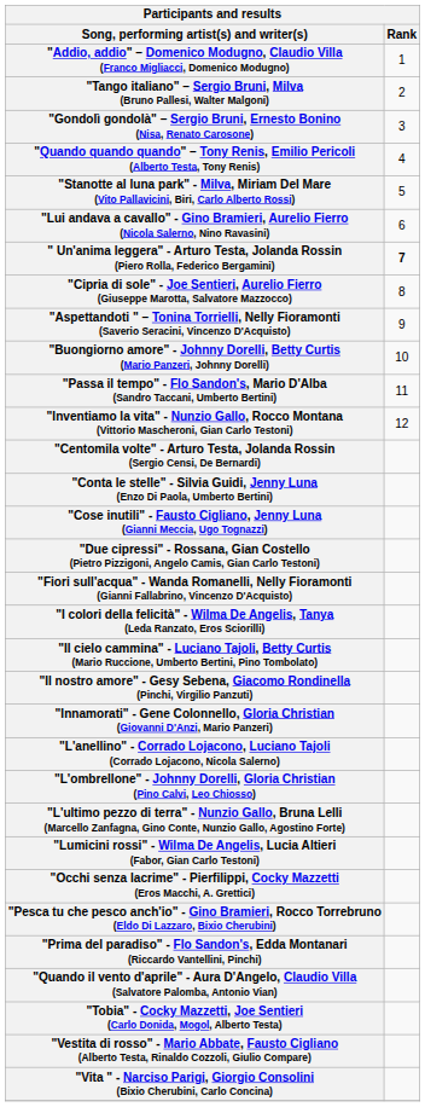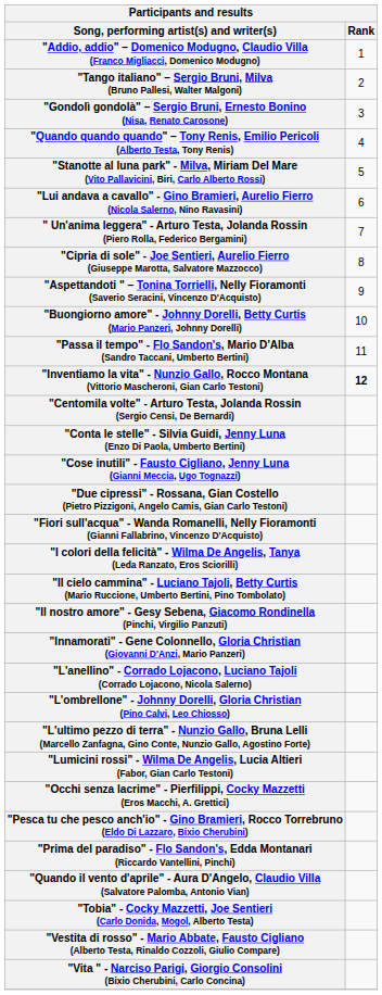 <table class="plainrowheaders wikitable">
 <tr>
 <th colspan="3">Participants and results</th>
 </tr>
 <tr>
 <th>Song, performing artist(s) and writer(s)</th>
 <th>Rank</th>
 </tr>
 <tr>
 <th scope="row">"<a href='#'>Addio, addio</a>" – <a href='#'>Domenico Modugno</a>, <a href='#'>Claudio Villa</a>  <br><small> (<a href='#'>Franco Migliacci</a>, Domenico Modugno) </small></th>
 <td style="text-align:center;">1</td>
 </tr>
 <tr>
 <th scope="row">"Tango italiano" – <a href='#'>Sergio Bruni</a>, <a href='#'>Milva</a>  <br><small>  (Bruno Pallesi, Walter Malgoni)   </small></th>
 <td style="text-align:center;">2</td>
 </tr>
 <tr>
 <th scope="row">"Gondolì gondolà" – <a href='#'>Sergio Bruni</a>, <a href='#'>Ernesto Bonino</a>   <br><small> 	 (<a href='#'>Nisa</a>, <a href='#'>Renato Carosone</a>)</small></th>
 <td style="text-align:center;">3</td>
 </tr>
 <tr>
 <th scope="row">"<a href='#'>Quando quando quando</a>"  –  	<a href='#'>Tony Renis</a>, <a href='#'>Emilio Pericoli</a>  <br><small>   (<a href='#'>Alberto Testa</a>, Tony Renis)</small></th>
 <td style="text-align:center;">4</td>
 </tr>
 <tr>
 <th scope="row">"Stanotte al luna park" - <a href='#'>Milva</a>, Miriam Del Mare  <br><small>    (<a href='#'>Vito Pallavicini</a>, Biri, <a href='#'>Carlo Alberto Rossi</a>)</small></th>
 <td style="text-align:center;">5</td>
 </tr>
 <tr>
 <th scope="row">"Lui andava a cavallo" -  	<a href='#'>Gino Bramieri</a>, <a href='#'>Aurelio Fierro</a>  <br><small>    (<a href='#'>Nicola Salerno</a>, Nino Ravasini)</small></th>
 <td style="text-align:center;">6</td>
 </tr>
 <tr>
 <th scope="row">" Un'anima leggera" - Arturo Testa, Jolanda Rossin  <br><small>  (Piero Rolla, Federico Bergamini)</small></th>
-<td style="text-align:center;"><strong>7</strong></td>
+<td style="text-align:center;">7</td>
 </tr>
 <tr>
 <th scope="row">"Cipria di sole" -  <a href='#'>Joe Sentieri</a>, <a href='#'>Aurelio Fierro</a>  <br><small> 	 (Giuseppe Marotta, Salvatore Mazzocco)</small></th>
 <td style="text-align:center;">8</td>
 </tr>
 <tr>
 <th scope="row">"Aspettandoti " – 	<a href='#'>Tonina Torrielli</a>, Nelly Fioramonti  <br><small>  (Saverio Seracini, Vincenzo D'Acquisto)</small></th>
 <td style="text-align:center;">9</td>
 </tr>
 <tr>
 <th scope="row">"Buongiorno amore" -  	<a href='#'>Johnny Dorelli</a>, <a href='#'>Betty Curtis</a>   <br><small>   (<a href='#'>Mario Panzeri</a>, Johnny Dorelli)</small></th>
 <td style="text-align:center;">10</td>
 </tr>
 <tr>
 <th scope="row">"Passa il tempo" - <a href='#'>Flo Sandon's</a>, Mario D'Alba  <br><small>  (Sandro Taccani, Umberto Bertini)</small></th>
 <td style="text-align:center;">11</td>
 </tr>
 <tr>
 <th scope="row">"Inventiamo la vita" -   <a href='#'>Nunzio Gallo</a>, Rocco Montana <br><small> 	  (Vittorio Mascheroni, Gian Carlo Testoni)</small></th>
-<td style="text-align:center;">12</td>
+<td style="text-align:center;"><strong>12</strong></td>
 </tr>
 <tr>
 <th scope="row">"Centomila volte" -  Arturo Testa, Jolanda Rossin<br><small> 	 (Sergio Censi, De Bernardi)</small></th>
 <td></td>
 </tr>
 <tr>
 <th scope="row">"Conta le stelle" -  Silvia Guidi, <a href='#'>Jenny Luna</a> <br><small> 	 (Enzo Di Paola, Umberto Bertini)</small></th>
 <td></td>
 </tr>
 <tr>
 <th scope="row">"Cose inutili" - <a href='#'>Fausto Cigliano</a>, <a href='#'>Jenny Luna</a> <br><small>   (<a href='#'>Gianni Meccia</a>, <a href='#'>Ugo Tognazzi</a>)</small></th>
 <td></td>
 </tr>
 <tr>
 <th scope="row">"Due cipressi" - Rossana, Gian Costello <br><small>  (Pietro Pizzigoni, Angelo Camis, Gian Carlo Testoni)</small></th>
 <td></td>
 </tr>
 <tr>
 <th scope="row">"Fiori sull'acqua" - Wanda Romanelli, Nelly Fioramonti   <br><small>  (Gianni Fallabrino, Vincenzo D'Acquisto) </small></th>
 <td></td>
 </tr>
 <tr>
 <th scope="row">"I colori della felicità" -    <a href='#'>Wilma De Angelis</a>,  <a href='#'>Tanya</a> <br><small>  (Leda Ranzato, Eros Sciorilli)</small></th>
 <td></td>
 </tr>
 <tr>
 <th scope="row">"Il cielo cammina" - <a href='#'>Luciano Tajoli</a>, <a href='#'>Betty Curtis</a> <br><small> 	 (Mario Ruccione, Umberto Bertini, Pino Tombolato)    </small></th>
 <td></td>
 </tr>
 <tr>
 <th scope="row">"Il nostro amore" -   Gesy Sebena, <a href='#'>Giacomo Rondinella</a>  <br><small>   (Pinchi, Virgilio Panzuti)</small></th>
 <td></td>
 </tr>
 <tr>
 <th scope="row">"Innamorati" -   Gene Colonnello, <a href='#'>Gloria Christian</a>  <br><small>   (<a href='#'>Giovanni D'Anzi</a>, Mario Panzeri)</small></th>
 <td></td>
 </tr>
 <tr>
 <th scope="row">"L'anellino" -    <a href='#'>Corrado Lojacono</a>, <a href='#'>Luciano Tajoli</a>  <br><small>  (Corrado Lojacono, Nicola Salerno)</small></th>
 <td></td>
 </tr>
 <tr>
 <th scope="row">"L'ombrellone" -   <a href='#'>Johnny Dorelli</a>, <a href='#'>Gloria Christian</a> <br><small>   (<a href='#'>Pino Calvi</a>, <a href='#'>Leo Chiosso</a>)</small></th>
 <td></td>
 </tr>
 <tr>
 <th scope="row">"L'ultimo pezzo di terra" -  <a href='#'>Nunzio Gallo</a>, Bruna Lelli  <br><small>  (Marcello Zanfagna, Gino Conte, Nunzio Gallo, Agostino Forte)</small></th>
 <td></td>
 </tr>
 <tr>
 <th scope="row">"Lumicini rossi" -   <a href='#'>Wilma De Angelis</a>, Lucia Altieri  <br><small> (Fabor, Gian Carlo Testoni)</small></th>
 <td></td>
 </tr>
 <tr>
 <th scope="row">"Occhi senza lacrime" -   Pierfilippi, <a href='#'>Cocky Mazzetti</a> <br><small>  (Eros Macchi, A. Grettici)</small></th>
 <td></td>
 </tr>
 <tr>
 <th scope="row">"Pesca tu che pesco anch'io" - <a href='#'>Gino Bramieri</a>, Rocco Torrebruno<br><small>  (<a href='#'>Eldo Di Lazzaro</a>, <a href='#'>Bixio Cherubini</a>)</small></th>
 <td></td>
 </tr>
 <tr>
 <th scope="row">"Prima del paradiso" -   <a href='#'>Flo Sandon's</a>, Edda Montanari <br><small>  (Riccardo Vantellini, Pinchi)</small></th>
 <td></td>
 </tr>
 <tr>
 <th scope="row">"Quando il vento d'aprile" - Aura D'Angelo, <a href='#'>Claudio Villa</a> <br><small>  (Salvatore Palomba, Antonio Vian)</small></th>
 <td></td>
 </tr>
 <tr>
 <th scope="row">"Tobia" - <a href='#'>Cocky Mazzetti</a>, <a href='#'>Joe Sentieri</a> <br><small>  (<a href='#'>Carlo Donida</a>, <a href='#'>Mogol</a>, Alberto Testa)</small></th>
 <td></td>
 </tr>
 <tr>
 <th scope="row">"Vestita di rosso" -  <a href='#'>Mario Abbate</a>, <a href='#'>Fausto Cigliano</a> <br><small>   (Alberto Testa, Rinaldo Cozzoli, Giulio Compare)</small></th>
 <td></td>
 </tr>
 <tr>
 <th scope="row">"Vita " -    <a href='#'>Narciso Parigi</a>, <a href='#'>Giorgio Consolini</a> <br><small> (Bixio Cherubini, Carlo Concina)</small></th>
 <td></td>
 </tr>
 <tr>
 </tr>
 </table>
